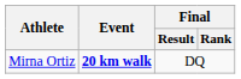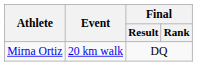 <table class=wikitable style="font-size:90%">
 <tr>
 <th rowspan="2">Athlete</th>
 <th rowspan="2">Event</th>
 <th colspan="2">Final</th>
 </tr>
 <tr style="font-size:95%">
 <th>Result</th>
 <th>Rank</th>
 </tr>
 <tr align=center>
 <td align=left><a href='#'>Mirna Ortiz</a></td>
-<td align=left><strong><a href='#'>20 km walk</a></strong></td>
+<td align=left><a href='#'>20 km walk</a></td>
 <td colspan="2">DQ</td>
 </tr>
 </table>
